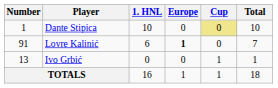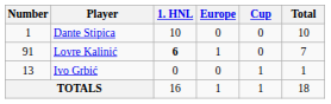 <table class="wikitable sortable" style="font-size: 95%; text-align: center;">
 <tr>
 <th width=30>Number</th>
 <th width=130>Player</th>
 <th width=50><a href='#'>1. HNL</a></th>
 <th width=50><a href='#'>Europe</a></th>
 <th width=50><a href='#'>Cup</a></th>
 <th width=50>Total</th>
 </tr>
 <tr>
 <td>1</td>
 <td align="left"> <a href='#'>Dante Stipica</a></td>
 <td>10</td>
 <td>0</td>
-<td style="background: khaki;">0</td>
+<td>0</td>
 <td>10</td>
 </tr>
 <tr>
 <td>91</td>
 <td align="left"> <a href='#'>Lovre Kalinić</a></td>
-<td>6</td>
-<td><strong>1</strong></td>
+<td><strong>6</strong></td>
+<td>1</td>
 <td>0</td>
 <td>7</td>
 </tr>
 <tr>
 <td>13</td>
 <td align="left"> <a href='#'>Ivo Grbić</a></td>
 <td>0</td>
 <td>0</td>
 <td>1</td>
 <td>1</td>
 </tr>
 <tr>
 <th colspan="2">TOTALS</th>
 <td>16</td>
 <td>1</td>
 <td>1</td>
 <td>18</td>
 </tr>
 </table>
